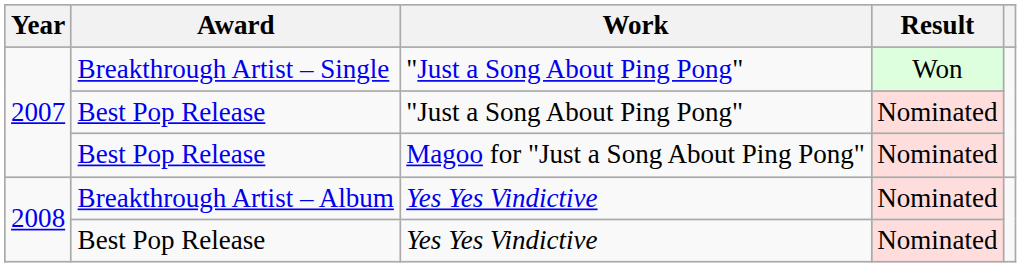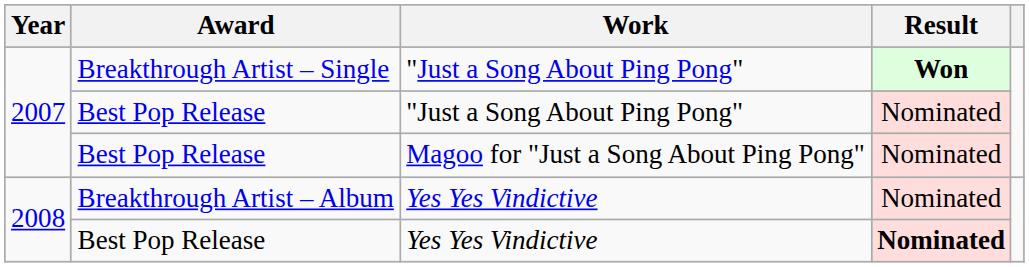 <table class="wikitable">
 <tr>
 <th>Year</th>
 <th>Award</th>
 <th>Work</th>
 <th>Result</th>
 <th></th>
 </tr>
 <tr>
 <td rowspan="3"><a href='#'>2007</a></td>
 <td><a href='#'>Breakthrough Artist – Single</a></td>
 <td>"<a href='#'>Just a Song About Ping Pong</a>"</td>
-<td align="center" style="background: #ddffdd">Won</td>
+<td align="center" style="background: #ddffdd"><strong>Won</strong></td>
 <td rowspan="3"></td>
 </tr>
 <tr>
 <td><a href='#'>Best Pop Release</a></td>
 <td>"Just a Song About Ping Pong"</td>
 <td align="center" style="background: #ffdddd">Nominated</td>
 </tr>
 <tr>
 <td><a href='#'>Best Pop Release</a></td>
 <td><a href='#'>Magoo</a> for "Just a Song About Ping Pong"</td>
 <td align="center" style="background: #ffdddd">Nominated</td>
 </tr>
 <tr>
 <td rowspan="2"><a href='#'>2008</a></td>
 <td><a href='#'>Breakthrough Artist – Album</a></td>
 <td><em><a href='#'>Yes Yes Vindictive</a></em></td>
 <td align="center" style="background: #ffdddd">Nominated</td>
 <td rowspan="2"></td>
 </tr>
 <tr>
 <td>Best Pop Release</td>
 <td><em>Yes Yes Vindictive</em></td>
-<td align="center" style="background: #ffdddd">Nominated</td>
+<td align="center" style="background: #ffdddd"><strong>Nominated</strong></td>
 </tr>
 </table>
